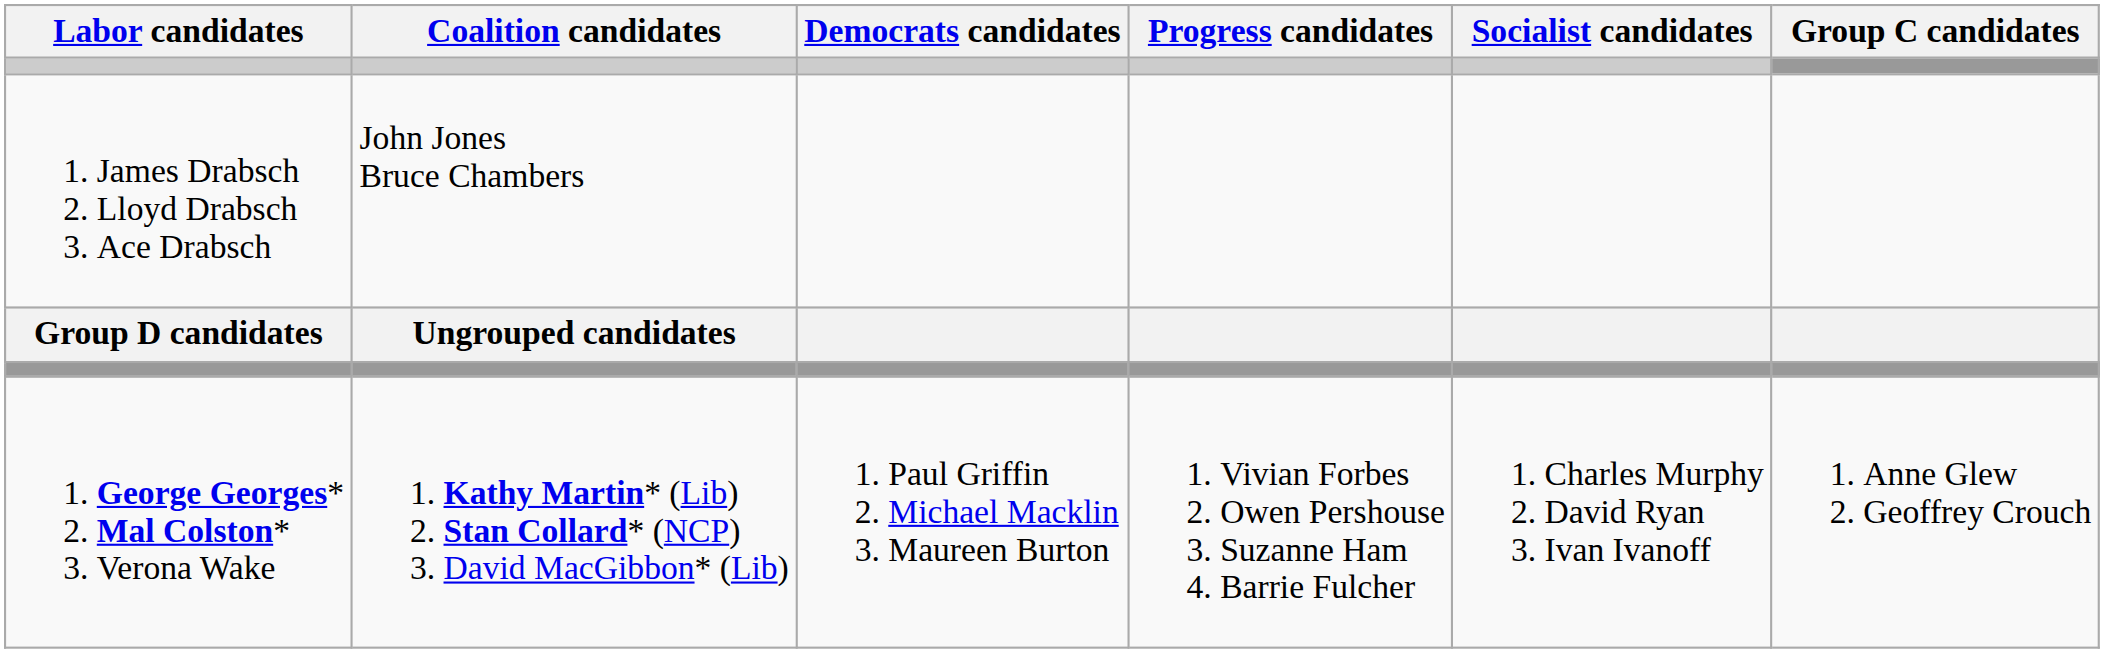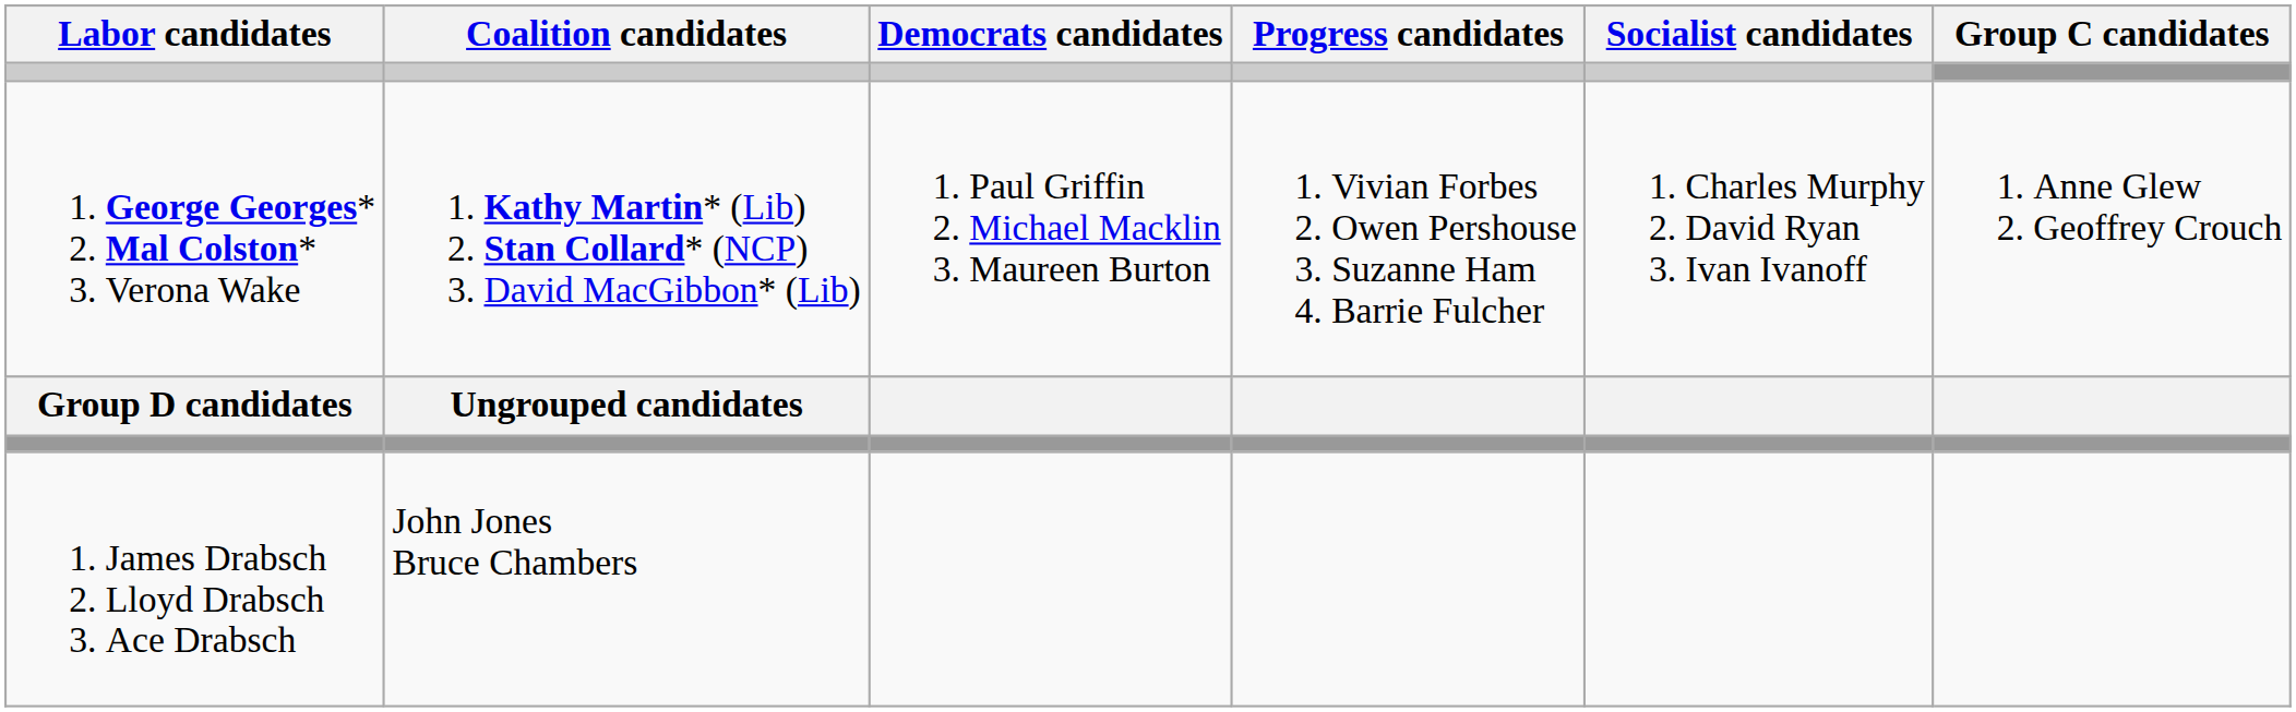 <table class="wikitable">
 <tr>
 <th><a href='#'>Labor</a> candidates</th>
 <th><a href='#'>Coalition</a> candidates</th>
 <th><a href='#'>Democrats</a> candidates</th>
 <th><a href='#'>Progress</a> candidates</th>
 <th><a href='#'>Socialist</a> candidates</th>
 <th>Group C candidates</th>
 </tr>
 <tr bgcolor="#cccccc">
 <td></td>
 <td></td>
 <td></td>
 <td></td>
 <td></td>
 <td bgcolor="#999999"></td>
 </tr>
 <tr>
-<td valign=top><br><ol><li>James Drabsch</li><li>Lloyd Drabsch</li><li>Ace Drabsch</li></ol></td>
-<td valign=top><br>John Jones<br> Bruce Chambers</td>
-<td valign=top></td>
-<td valign=top></td>
-<td valign=top></td>
-<td valign=top></td>
+<td><br><ol><li><strong><a href='#'>George Georges</a></strong>*</li><li><strong><a href='#'>Mal Colston</a></strong>*</li><li>Verona Wake</li></ol></td>
+<td><br><ol><li><strong><a href='#'>Kathy Martin</a></strong>* (<a href='#'>Lib</a>)</li><li><strong><a href='#'>Stan Collard</a></strong>* (<a href='#'>NCP</a>)</li><li><a href='#'>David MacGibbon</a>* (<a href='#'>Lib</a>)</li></ol></td>
+<td valign=top><br><ol><li>Paul Griffin</li><li><a href='#'>Michael Macklin</a></li><li>Maureen Burton</li></ol></td>
+<td valign=top><br><ol><li>Vivian Forbes</li><li>Owen Pershouse</li><li>Suzanne Ham</li><li>Barrie Fulcher</li></ol></td>
+<td valign=top><br><ol><li>Charles Murphy</li><li>David Ryan</li><li>Ivan Ivanoff</li></ol></td>
+<td valign=top><br><ol><li>Anne Glew</li><li>Geoffrey Crouch</li></ol></td>
 </tr>
 <tr bgcolor="#cccccc">
 <th>Group D candidates</th>
 <th>Ungrouped candidates</th>
 <th></th>
 <th></th>
 <th></th>
 <th></th>
 </tr>
 <tr bgcolor="#cccccc">
 <td bgcolor="#999999"></td>
 <td bgcolor="#999999"></td>
 <td bgcolor="#999999"></td>
 <td bgcolor="#999999"></td>
 <td bgcolor="#999999"></td>
 <td bgcolor="#999999"></td>
 </tr>
 <tr>
-<td><br><ol><li><strong><a href='#'>George Georges</a></strong>*</li><li><strong><a href='#'>Mal Colston</a></strong>*</li><li>Verona Wake</li></ol></td>
-<td><br><ol><li><strong><a href='#'>Kathy Martin</a></strong>* (<a href='#'>Lib</a>)</li><li><strong><a href='#'>Stan Collard</a></strong>* (<a href='#'>NCP</a>)</li><li><a href='#'>David MacGibbon</a>* (<a href='#'>Lib</a>)</li></ol></td>
-<td valign=top><br><ol><li>Paul Griffin</li><li><a href='#'>Michael Macklin</a></li><li>Maureen Burton</li></ol></td>
-<td valign=top><br><ol><li>Vivian Forbes</li><li>Owen Pershouse</li><li>Suzanne Ham</li><li>Barrie Fulcher</li></ol></td>
-<td valign=top><br><ol><li>Charles Murphy</li><li>David Ryan</li><li>Ivan Ivanoff</li></ol></td>
-<td valign=top><br><ol><li>Anne Glew</li><li>Geoffrey Crouch</li></ol></td>
+<td valign=top><br><ol><li>James Drabsch</li><li>Lloyd Drabsch</li><li>Ace Drabsch</li></ol></td>
+<td valign=top><br>John Jones<br> Bruce Chambers</td>
+<td valign=top></td>
+<td valign=top></td>
+<td valign=top></td>
+<td valign=top></td>
 </tr>
 </table>
